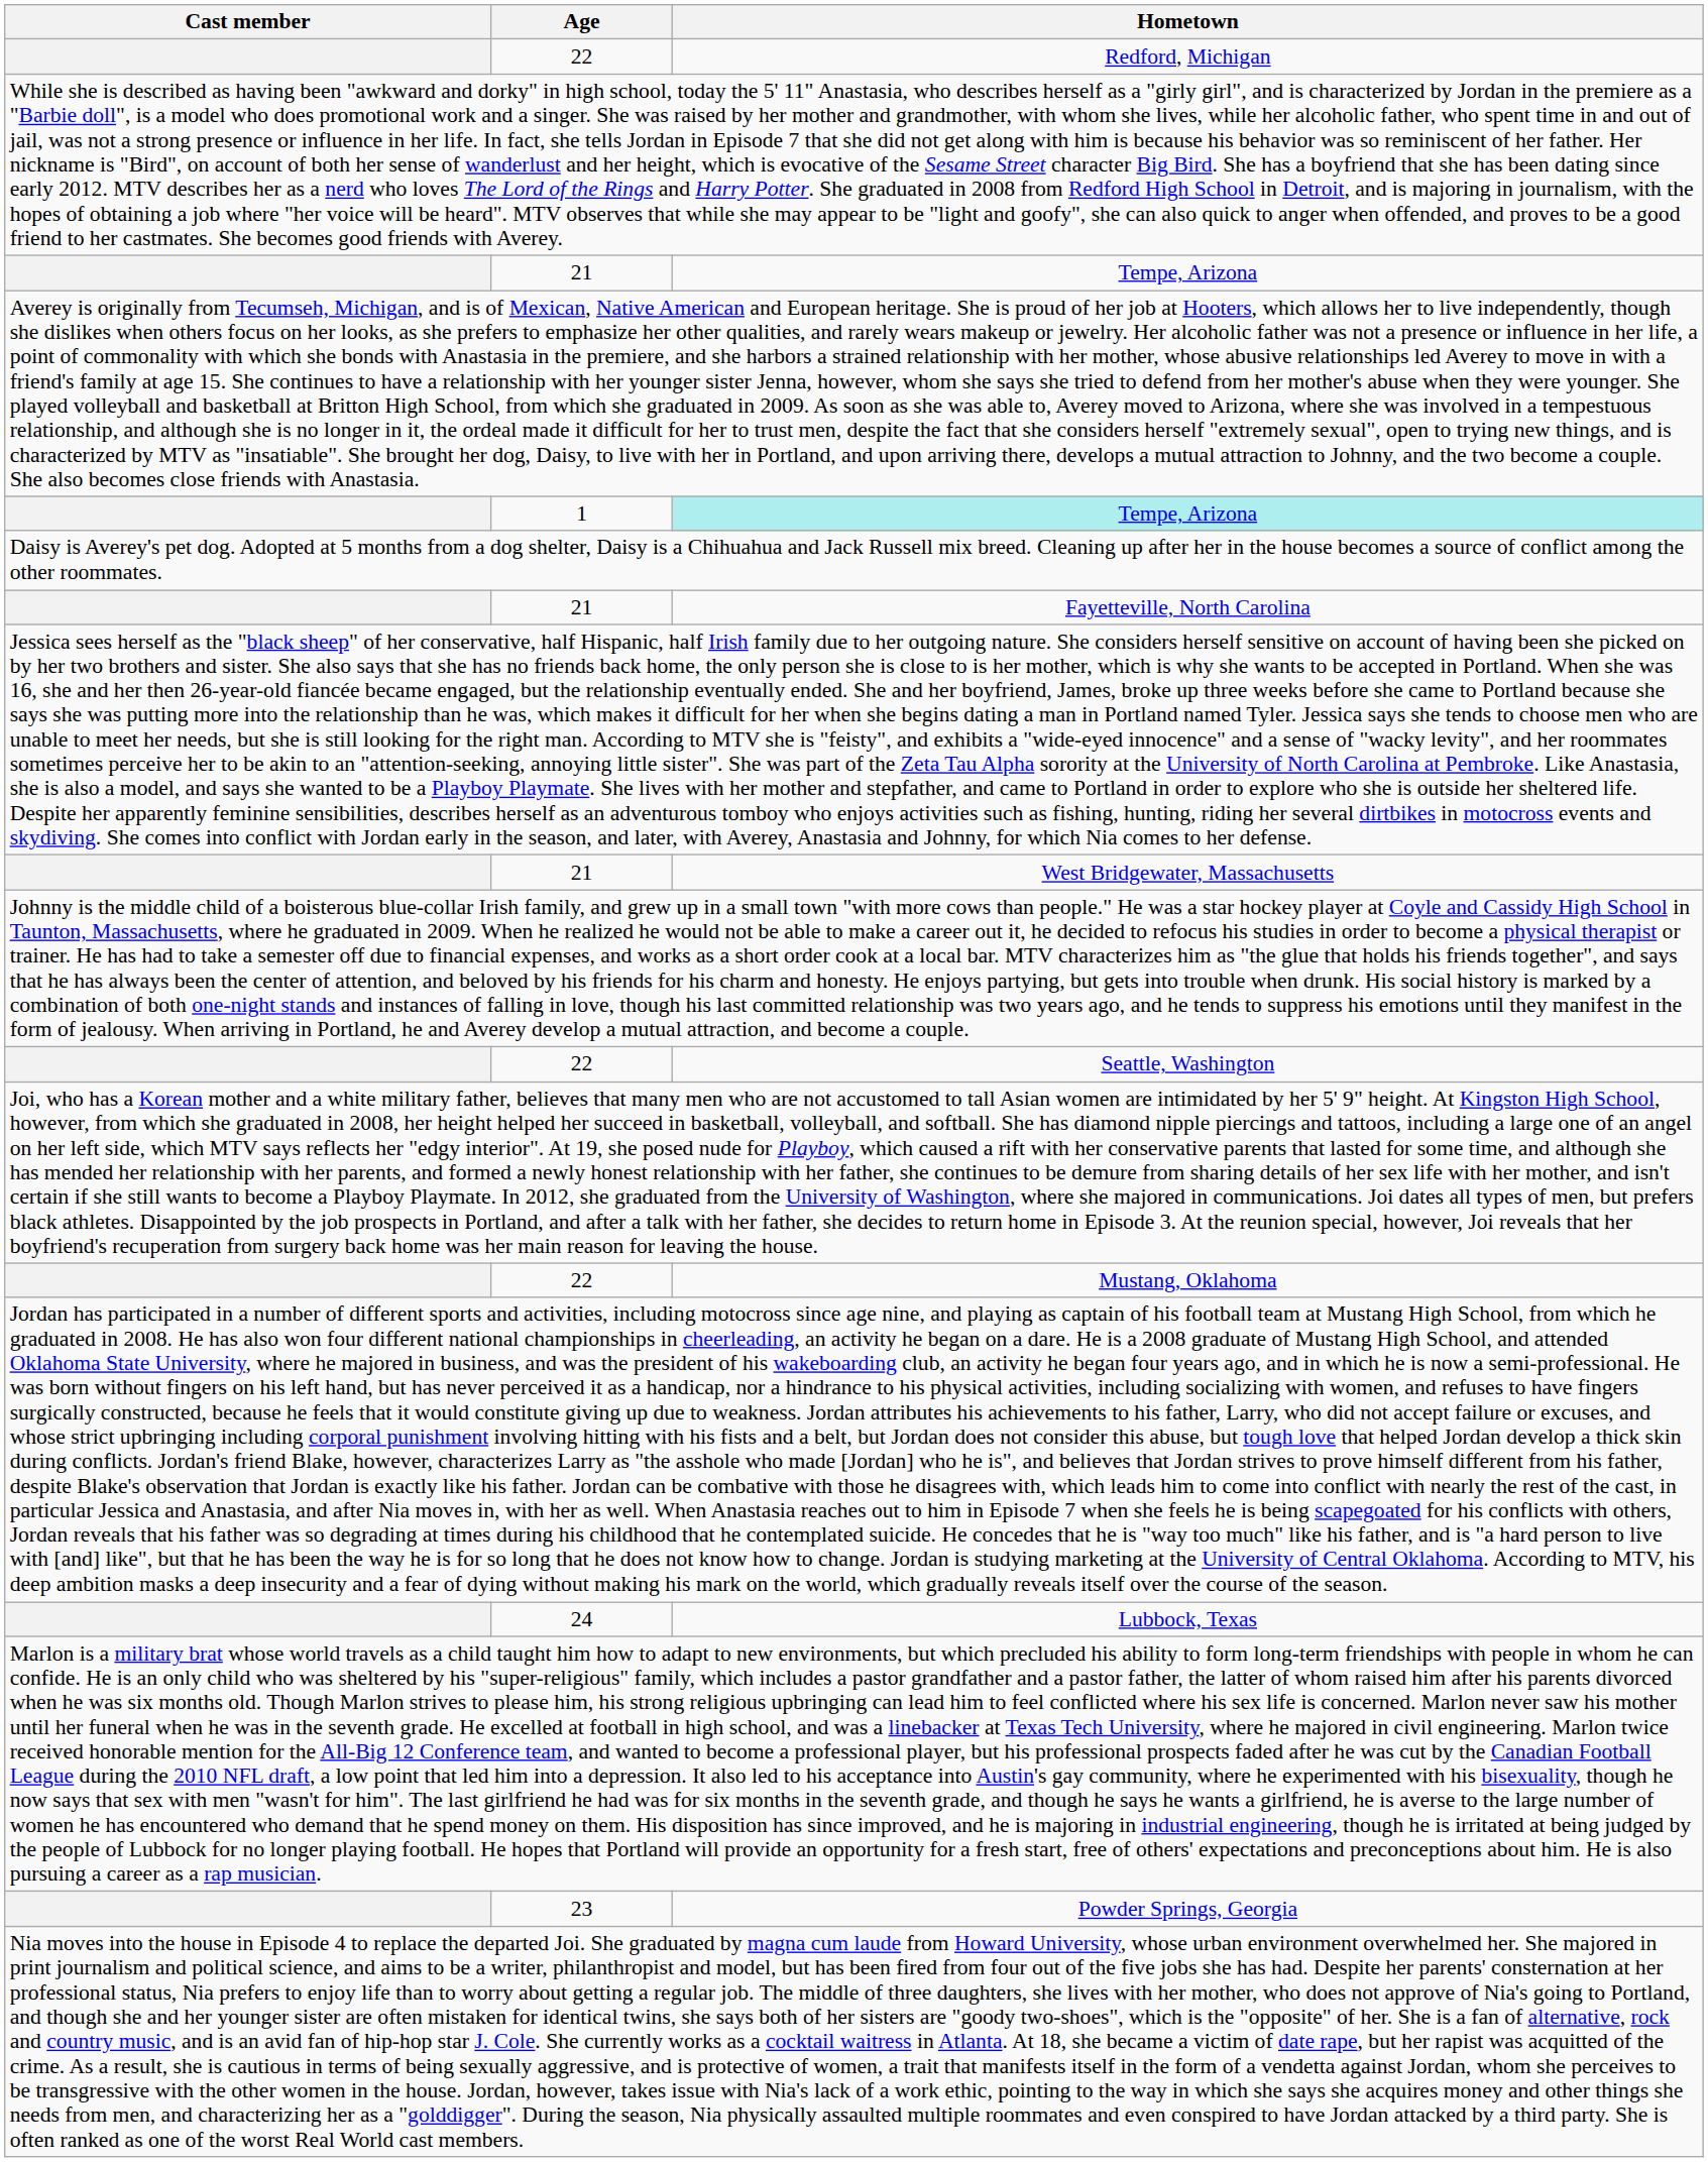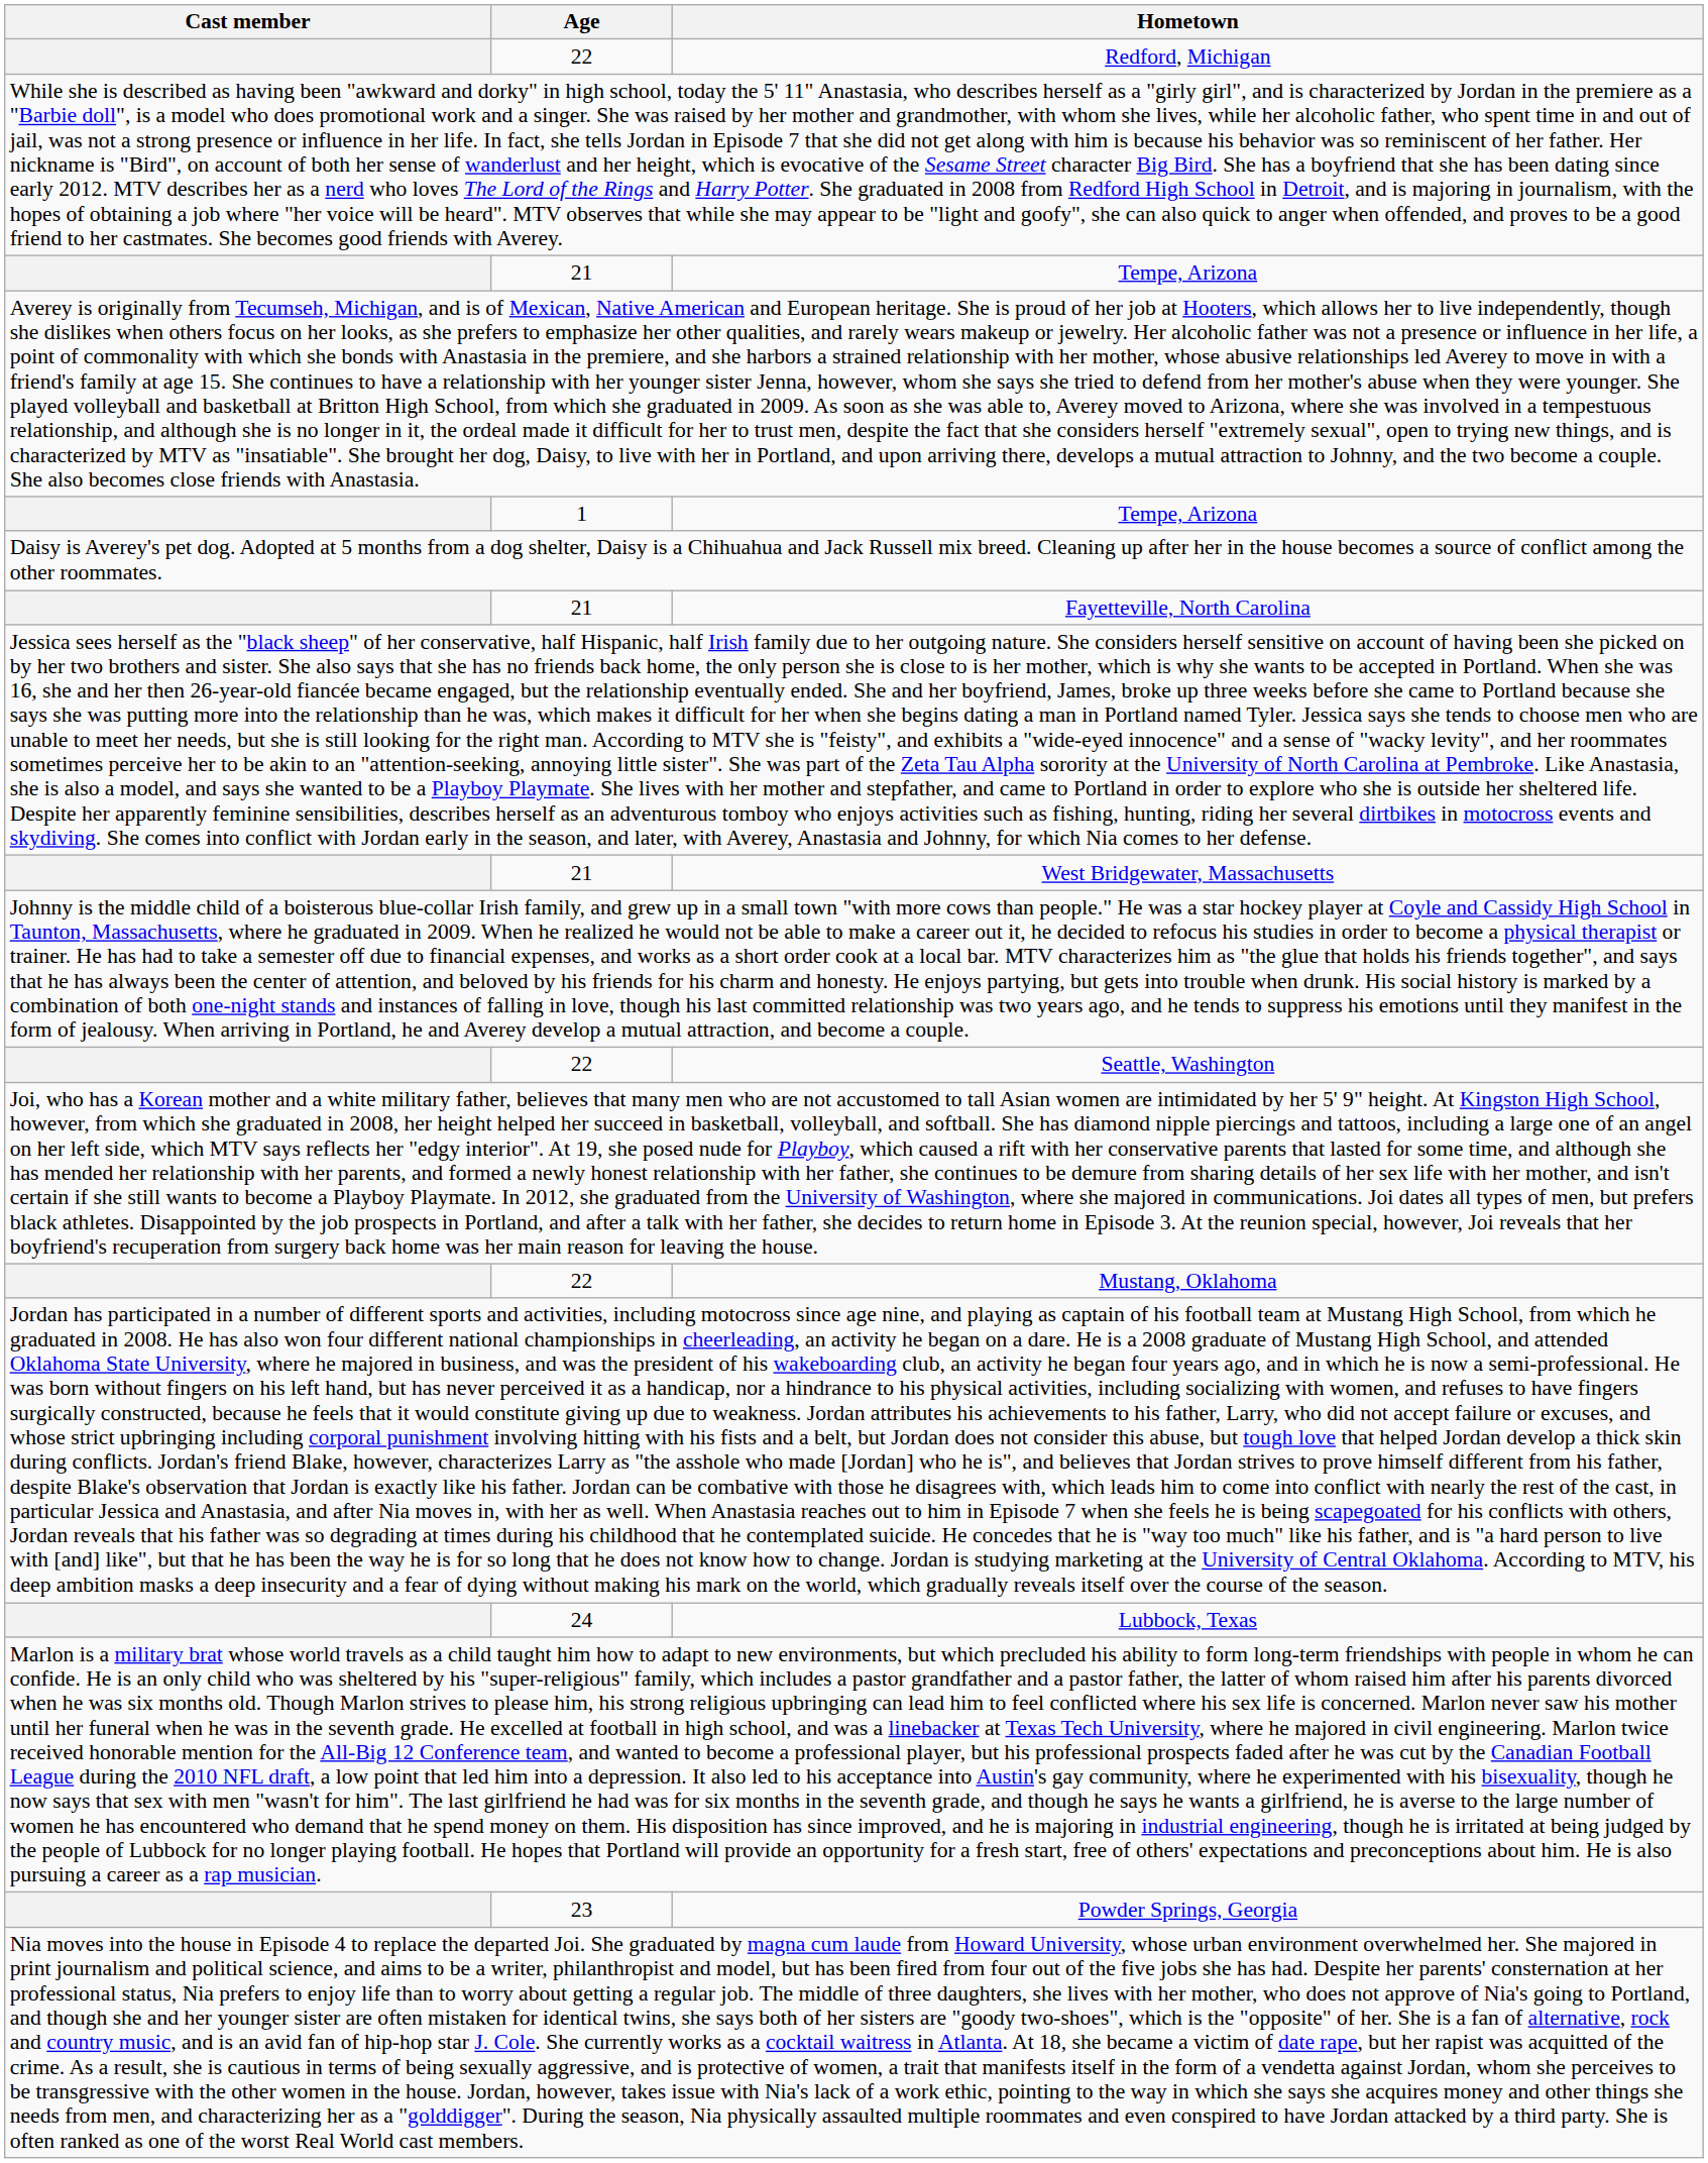 <table class="wikitable sortable" style="text-align:center">
 <tr>
 <th scope="col">Cast member</th>
 <th scope="col">Age</th>
 <th scope="col">Hometown</th>
 </tr>
 <tr>
 <th scope="row"></th>
 <td>22</td>
 <td><a href='#'>Redford</a>, <a href='#'>Michigan</a></td>
 </tr>
 <tr class="expand-child">
 <td colspan="3" align="left">While she is described as having been "awkward and dorky" in high school, today the 5' 11" Anastasia, who describes herself as a "girly girl", and is characterized by Jordan in the premiere as a "<a href='#'>Barbie doll</a>", is a model who does promotional work and a singer. She was raised by her mother and grandmother, with whom she lives, while her alcoholic father, who spent time in and out of jail, was not a strong presence or influence in her life. In fact, she tells Jordan in Episode 7 that she did not get along with him is because his behavior was so reminiscent of her father. Her nickname is "Bird", on account of both her sense of <a href='#'>wanderlust</a> and her height, which is evocative of the <em><a href='#'>Sesame Street</a></em> character <a href='#'>Big Bird</a>. She has a boyfriend that she has been dating since early 2012. MTV describes her as a <a href='#'>nerd</a> who loves <em><a href='#'>The Lord of the Rings</a></em> and <em><a href='#'>Harry Potter</a></em>. She graduated in 2008 from <a href='#'>Redford High School</a> in <a href='#'>Detroit</a>, and is majoring in journalism, with the hopes of obtaining a job where "her voice will be heard". MTV observes that while she may appear to be "light and goofy", she can also quick to anger when offended, and proves to be a good friend to her castmates. She becomes good friends with Averey.</td>
 </tr>
 <tr>
 <th scope="row"></th>
 <td>21</td>
 <td><a href='#'>Tempe, Arizona</a></td>
 </tr>
 <tr class="expand-child">
 <td colspan="3" align="left">Averey is originally from <a href='#'>Tecumseh, Michigan</a>, and is of <a href='#'>Mexican</a>, <a href='#'>Native American</a> and European heritage. She is proud of her job at <a href='#'>Hooters</a>, which allows her to live independently, though she dislikes when others focus on her looks, as she prefers to emphasize her other qualities, and rarely wears makeup or jewelry. Her alcoholic father was not a presence or influence in her life, a point of commonality with which she bonds with Anastasia in the premiere, and she harbors a strained relationship with her mother, whose abusive relationships led Averey to move in with a friend's family at age 15. She continues to have a relationship with her younger sister Jenna, however, whom she says she tried to defend from her mother's abuse when they were younger. She played volleyball and basketball at Britton High School, from which she graduated in 2009. As soon as she was able to, Averey moved to Arizona, where she was involved in a tempestuous relationship, and although she is no longer in it, the ordeal made it difficult for her to trust men, despite the fact that she considers herself "extremely sexual", open to trying new things, and is characterized by MTV as "insatiable". She brought her dog, Daisy, to live with her in Portland, and upon arriving there, develops a mutual attraction to Johnny, and the two become a couple. She also becomes close friends with Anastasia.</td>
 </tr>
 <tr>
 <th scope="row"></th>
 <td>1</td>
-<td style="background: paleturquoise;"><a href='#'>Tempe, Arizona</a></td>
+<td><a href='#'>Tempe, Arizona</a></td>
 </tr>
 <tr class="expand-child">
 <td colspan="3" align="left">Daisy is Averey's pet dog. Adopted at 5 months from a dog shelter, Daisy is a Chihuahua and Jack Russell mix breed. Cleaning up after her in the house becomes a source of conflict among the other roommates.</td>
 </tr>
 <tr>
 <th scope="row"></th>
 <td>21</td>
 <td><a href='#'>Fayetteville, North Carolina</a></td>
 </tr>
 <tr class="expand-child">
 <td colspan="3" align="left">Jessica sees herself as the "<a href='#'>black sheep</a>" of her conservative, half Hispanic, half <a href='#'>Irish</a> family due to her outgoing nature. She considers herself sensitive on account of having been she picked on by her two brothers and sister. She also says that she has no friends back home, the only person she is close to is her mother, which is why she wants to be accepted in Portland. When she was 16, she and her then 26-year-old fiancée became engaged, but the relationship eventually ended. She and her boyfriend, James, broke up three weeks before she came to Portland because she says she was putting more into the relationship than he was, which makes it difficult for her when she begins dating a man in Portland named Tyler. Jessica says she tends to choose men who are unable to meet her needs, but she is still looking for the right man. According to MTV she is "feisty", and exhibits a "wide-eyed innocence" and a sense of "wacky levity", and her roommates sometimes perceive her to be akin to an "attention-seeking, annoying little sister". She was part of the <a href='#'>Zeta Tau Alpha</a> sorority at the <a href='#'>University of North Carolina at Pembroke</a>. Like Anastasia, she is also a model, and says she wanted to be a <a href='#'>Playboy Playmate</a>. She lives with her mother and stepfather, and came to Portland in order to explore who she is outside her sheltered life. Despite her apparently feminine sensibilities, describes herself as an adventurous tomboy who enjoys activities such as fishing, hunting, riding her several <a href='#'>dirtbikes</a> in <a href='#'>motocross</a> events and <a href='#'>skydiving</a>. She comes into conflict with Jordan early in the season, and later, with Averey, Anastasia and Johnny, for which Nia comes to her defense.</td>
 </tr>
 <tr>
 <th scope="row"></th>
 <td>21</td>
 <td><a href='#'>West Bridgewater, Massachusetts</a></td>
 </tr>
 <tr class="expand-child">
 <td colspan="3" align="left">Johnny is the middle child of a boisterous blue-collar Irish family, and grew up in a small town "with more cows than people." He was a star hockey player at <a href='#'>Coyle and Cassidy High School</a> in <a href='#'>Taunton, Massachusetts</a>, where he graduated in 2009. When he realized he would not be able to make a career out it, he decided to refocus his studies in order to become a <a href='#'>physical therapist</a> or trainer. He has had to take a semester off due to financial expenses, and works as a short order cook at a local bar. MTV characterizes him as "the glue that holds his friends together", and says that he has always been the center of attention, and beloved by his friends for his charm and honesty. He enjoys partying, but gets into trouble when drunk. His social history is marked by a combination of both <a href='#'>one-night stands</a> and instances of falling in love, though his last committed relationship was two years ago, and he tends to suppress his emotions until they manifest in the form of jealousy. When arriving in Portland, he and Averey develop a mutual attraction, and become a couple.</td>
 </tr>
 <tr>
 <th scope="row"></th>
 <td>22</td>
 <td><a href='#'>Seattle, Washington</a></td>
 </tr>
 <tr class="expand-child">
 <td colspan="3" align="left">Joi, who has a <a href='#'>Korean</a> mother and a white military father, believes that many men who are not accustomed to tall Asian women are intimidated by her 5' 9" height. At <a href='#'>Kingston High School</a>, however, from which she graduated in 2008, her height helped her succeed in basketball, volleyball, and softball. She has diamond nipple piercings and tattoos, including a large one of an angel on her left side, which MTV says reflects her "edgy interior". At 19, she posed nude for <em><a href='#'>Playboy</a></em>, which caused a rift with her conservative parents that lasted for some time, and although she has mended her relationship with her parents, and formed a newly honest relationship with her father, she continues to be demure from sharing details of her sex life with her mother, and isn't certain if she still wants to become a Playboy Playmate. In 2012, she graduated from the <a href='#'>University of Washington</a>, where she majored in communications. Joi dates all types of men, but prefers black athletes. Disappointed by the job prospects in Portland, and after a talk with her father, she decides to return home in Episode 3. At the reunion special, however, Joi reveals that her boyfriend's recuperation from surgery back home was her main reason for leaving the house.</td>
 </tr>
 <tr>
 <th scope="row"></th>
 <td>22</td>
 <td><a href='#'>Mustang, Oklahoma</a></td>
 </tr>
 <tr class="expand-child">
 <td colspan="3" align="left">Jordan has participated in a number of different sports and activities, including motocross since age nine, and playing as captain of his football team at Mustang High School, from which he graduated in 2008. He has also won four different national championships in <a href='#'>cheerleading</a>, an activity he began on a dare. He is a 2008 graduate of Mustang High School, and attended <a href='#'>Oklahoma State University</a>, where he majored in business, and was the president of his <a href='#'>wakeboarding</a> club, an activity he began four years ago, and in which he is now a semi-professional. He was born without fingers on his left hand, but has never perceived it as a handicap, nor a hindrance to his physical activities, including socializing with women, and refuses to have fingers surgically constructed, because he feels that it would constitute giving up due to weakness. Jordan attributes his achievements to his father, Larry, who did not accept failure or excuses, and whose strict upbringing including <a href='#'>corporal punishment</a> involving hitting with his fists and a belt, but Jordan does not consider this abuse, but <a href='#'>tough love</a> that helped Jordan develop a thick skin during conflicts. Jordan's friend Blake, however, characterizes Larry as "the asshole who made [Jordan] who he is", and believes that Jordan strives to prove himself different from his father, despite Blake's observation that Jordan is exactly like his father. Jordan can be combative with those he disagrees with, which leads him to come into conflict with nearly the rest of the cast, in particular Jessica and Anastasia, and after Nia moves in, with her as well. When Anastasia reaches out to him in Episode 7 when she feels he is being <a href='#'>scapegoated</a> for his conflicts with others, Jordan reveals that his father was so degrading at times during his childhood that he contemplated suicide. He concedes that he is "way too much" like his father, and is "a hard person to live with [and] like", but that he has been the way he is for so long that he does not know how to change. Jordan is studying marketing at the <a href='#'>University of Central Oklahoma</a>. According to MTV, his deep ambition masks a deep insecurity and a fear of dying without making his mark on the world, which gradually reveals itself over the course of the season.</td>
 </tr>
 <tr>
 <th scope="row"></th>
 <td>24</td>
 <td><a href='#'>Lubbock, Texas</a></td>
 </tr>
 <tr class="expand-child">
 <td colspan="3" align="left">Marlon is a <a href='#'>military brat</a> whose world travels as a child taught him how to adapt to new environments, but which precluded his ability to form long-term friendships with people in whom he can confide. He is an only child who was sheltered by his "super-religious" family, which includes a pastor grandfather and a pastor father, the latter of whom raised him after his parents divorced when he was six months old. Though Marlon strives to please him,  his strong religious upbringing can lead him to feel conflicted where his sex life is concerned. Marlon never saw his mother until her funeral when he was in the seventh grade. He excelled at football in high school, and was a <a href='#'>linebacker</a> at <a href='#'>Texas Tech University</a>, where he majored in civil engineering. Marlon twice received honorable mention for the <a href='#'>All-Big 12 Conference team</a>, and wanted to become a professional player, but his professional prospects faded after he was cut by the <a href='#'>Canadian Football League</a> during the <a href='#'>2010 NFL draft</a>, a low point that led him into a depression. It also led to his acceptance into <a href='#'>Austin</a>'s gay community, where he experimented with his <a href='#'>bisexuality</a>, though he now says that sex with men "wasn't for him". The last girlfriend he had was for six months in the seventh grade, and though he says he wants a girlfriend, he is averse to the large number of women he has encountered who demand that he spend money on them. His disposition has since improved, and he is majoring in <a href='#'>industrial engineering</a>, though he is irritated at being judged by the people of Lubbock for no longer playing football. He hopes that Portland will provide an opportunity for a fresh start, free of others' expectations and preconceptions about him. He is also pursuing a career as a <a href='#'>rap musician</a>.</td>
 </tr>
 <tr>
 <th scope="row"><strong></strong></th>
 <td>23</td>
 <td><a href='#'>Powder Springs, Georgia</a></td>
 </tr>
 <tr class="expand-child">
 <td colspan="3" align="left">Nia moves into the house in Episode 4 to replace the departed Joi. She graduated by <a href='#'>magna cum laude</a> from <a href='#'>Howard University</a>, whose urban environment overwhelmed her. She majored in print journalism and political science, and aims to be a writer, philanthropist and model, but has been fired from four out of the five jobs she has had. Despite her parents' consternation at her professional status, Nia prefers to enjoy life than to worry about getting a regular job. The middle of three daughters, she lives with her mother, who does not approve of Nia's going to Portland, and though she and her younger sister are often mistaken for identical twins, she says both of her sisters are "goody two-shoes", which is the "opposite" of her. She is a fan of <a href='#'>alternative</a>, <a href='#'>rock</a> and <a href='#'>country music</a>, and is an avid fan of hip-hop star <a href='#'>J. Cole</a>. She currently works as a <a href='#'>cocktail waitress</a> in <a href='#'>Atlanta</a>.  At 18, she became a victim of <a href='#'>date rape</a>, but her rapist was acquitted of the crime. As a result, she is cautious in terms of being sexually aggressive, and is protective of women, a trait that manifests itself in the form of a vendetta against Jordan, whom she perceives to be transgressive with the other women in the house. Jordan, however, takes issue with Nia's lack of a work ethic, pointing to the way in which she says she acquires money and other things she needs from men, and characterizing her as a "<a href='#'>golddigger</a>". During the season, Nia physically assaulted multiple roommates and even conspired to have Jordan attacked by a third party. She is often ranked as one of the worst Real World cast members.</td>
 </tr>
 </table>
